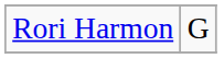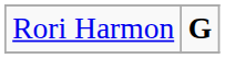 <table class="wikitable" style="text-align: center">
 <tr align=center>
 </tr>
 <tr>
 <td><a href='#'>Rori Harmon</a></td>
-<td>G</td>
+<td><strong>G</strong></td>
 </tr>
 <tr>
 </tr>
 </table>
